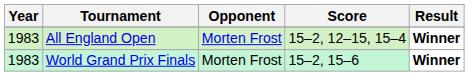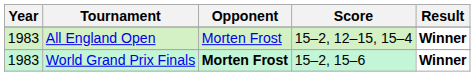 <table class="sortable wikitable" style="font-size: 90%;">
 <tr>
 <th>Year</th>
 <th>Tournament</th>
 <th>Opponent</th>
 <th>Score</th>
 <th>Result</th>
 </tr>
 <tr>
 </tr>
 <tr style="background:#D4F1C5">
 <td align="center">1983</td>
 <td align="left"><a href='#'>All England Open</a></td>
 <td align="left"> <a href='#'>Morten Frost</a></td>
 <td align="left">15–2, 12–15, 15–4</td>
 <td style="text-align:left; background:white"> <strong>Winner</strong></td>
 </tr>
 <tr>
 </tr>
 <tr style="background:#C3F6D7">
 <td align="center">1983</td>
 <td align="left"><a href='#'>World Grand Prix Finals</a></td>
-<td align="left"> Morten Frost</td>
+<td align="left"><strong> Morten Frost</strong></td>
 <td align="left">15–2, 15–6</td>
 <td style="text-align:left; background:white"> <strong>Winner</strong></td>
 </tr>
 </table>
